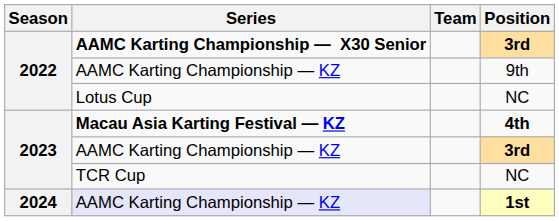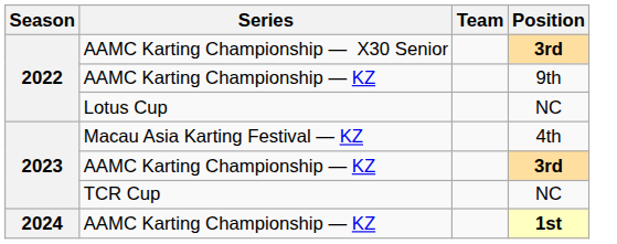 <table class="wikitable" style="font-size: 90%; text-align:center">
 <tr>
 <th>Season</th>
 <th>Series</th>
 <th>Team</th>
 <th>Position</th>
 </tr>
 <tr>
 <th rowspan="3">2022</th>
-<td align="left"><strong>AAMC Karting Championship —  X30 Senior</strong></td>
+<td align="left">AAMC Karting Championship —  X30 Senior</td>
 <td></td>
 <td style="background:#FFDF9F;"><strong>3rd</strong></td>
 </tr>
 <tr>
 <td align="left">AAMC Karting Championship — <a href='#'>KZ</a></td>
 <td></td>
 <td>9th</td>
 </tr>
 <tr>
 <td align="left">Lotus Cup</td>
 <td></td>
 <td>NC</td>
 </tr>
 <tr>
 <th rowspan="3">2023</th>
-<td align="left"><strong>Macau Asia Karting Festival — <a href='#'>KZ</a></strong></td>
+<td align="left">Macau Asia Karting Festival — <a href='#'>KZ</a></td>
 <td></td>
-<td><strong>4th</strong></td>
+<td>4th</td>
 </tr>
 <tr>
 <td align="left">AAMC Karting Championship — <a href='#'>KZ</a></td>
 <td></td>
 <td style="background:#FFDF9F;"><strong>3rd</strong></td>
 </tr>
 <tr>
 <td align="left">TCR Cup</td>
 <td></td>
 <td style="background:#;">NC</td>
 </tr>
 <tr>
 <th>2024</th>
-<td align="left" style="background: lavender;">AAMC Karting Championship — <a href='#'>KZ</a></td>
+<td align="left">AAMC Karting Championship — <a href='#'>KZ</a></td>
 <td></td>
 <td style="background:#FFFFBF;"><strong>1st</strong></td>
 </tr>
 </table>
